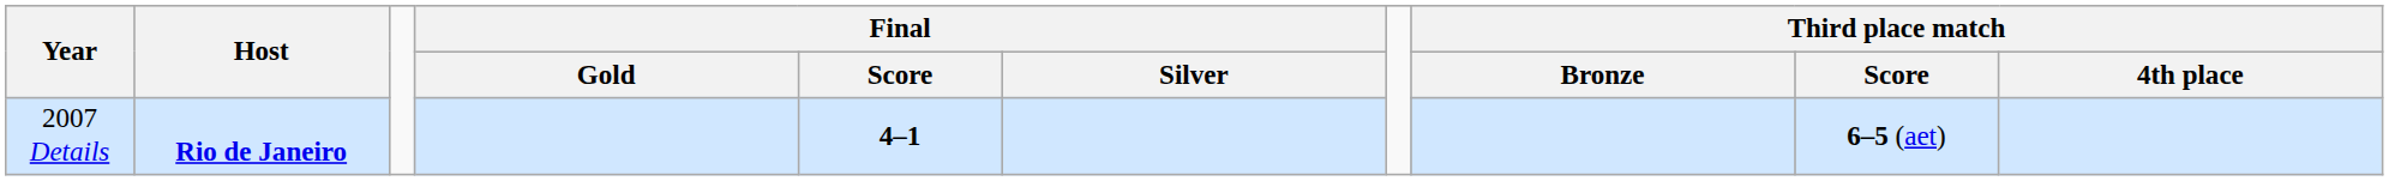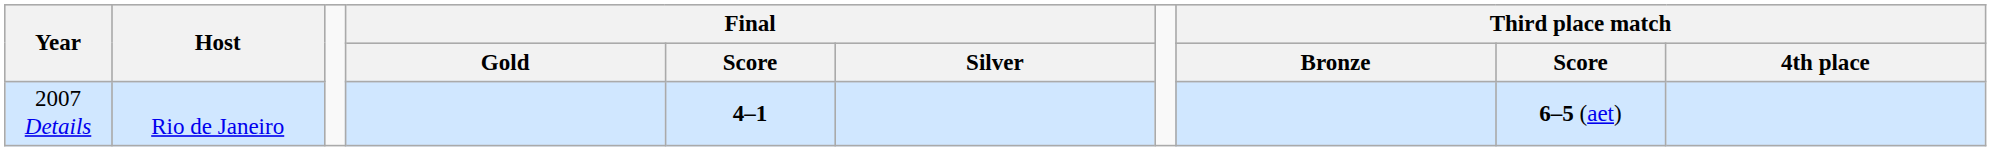 <table class="wikitable" style="font-size:90%; width: 98%; text-align: center;">
 <tr>
 <th rowspan=2 width=5%>Year</th>
 <th rowspan=2 width=10%>Host</th>
 <td width=1% rowspan=3></td>
 <th colspan=3>Final</th>
 <td width=1% rowspan=3></td>
 <th colspan=3>Third place match</th>
 </tr>
 <tr>
 <th width=15%>Gold</th>
 <th width=8%>Score</th>
 <th width=15%>Silver</th>
 <th width=15%>Bronze</th>
 <th width=8%>Score</th>
 <th width=15%>4th place</th>
 </tr>
 <tr bgcolor=#D0E7FF>
 <td>2007<br><em><a href='#'>Details</a></em></td>
-<td><strong><br><a href='#'>Rio de Janeiro</a></strong></td>
+<td><br><a href='#'>Rio de Janeiro</a></td>
 <td><strong></strong></td>
 <td><strong>4–1</strong></td>
 <td></td>
 <td></td>
 <td><strong>6–5</strong> (<a href='#'>aet</a>)</td>
 <td></td>
 </tr>
 </table>
